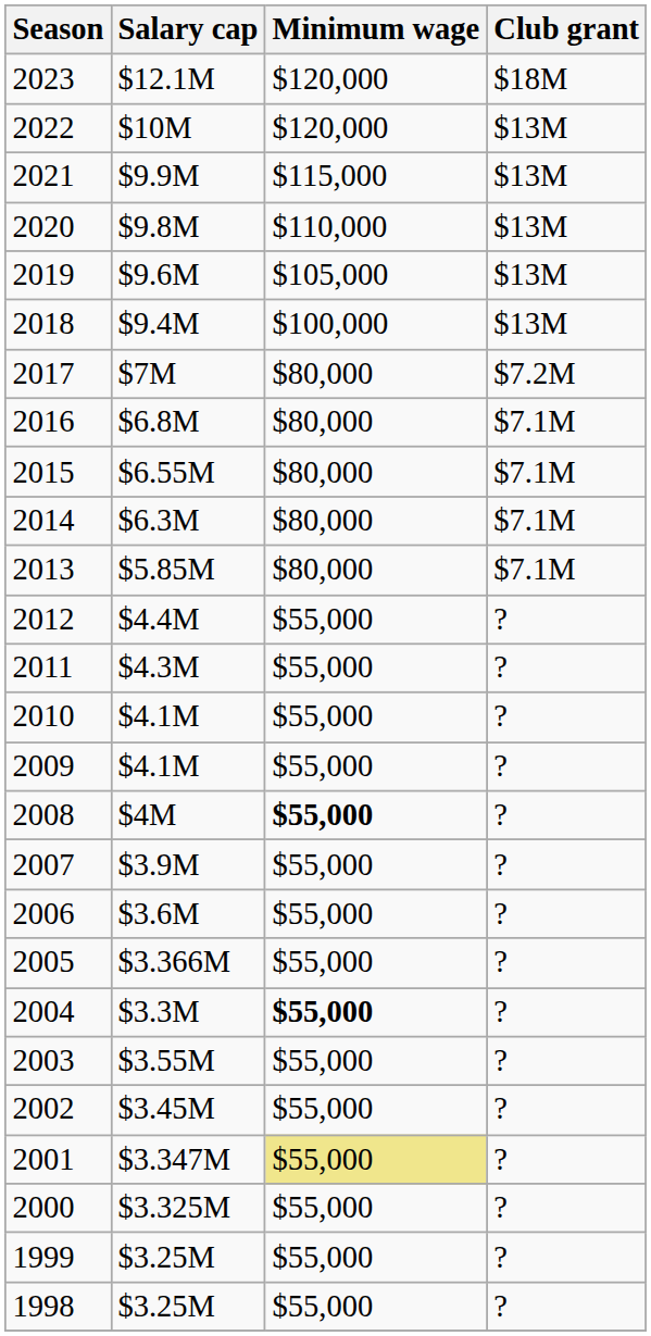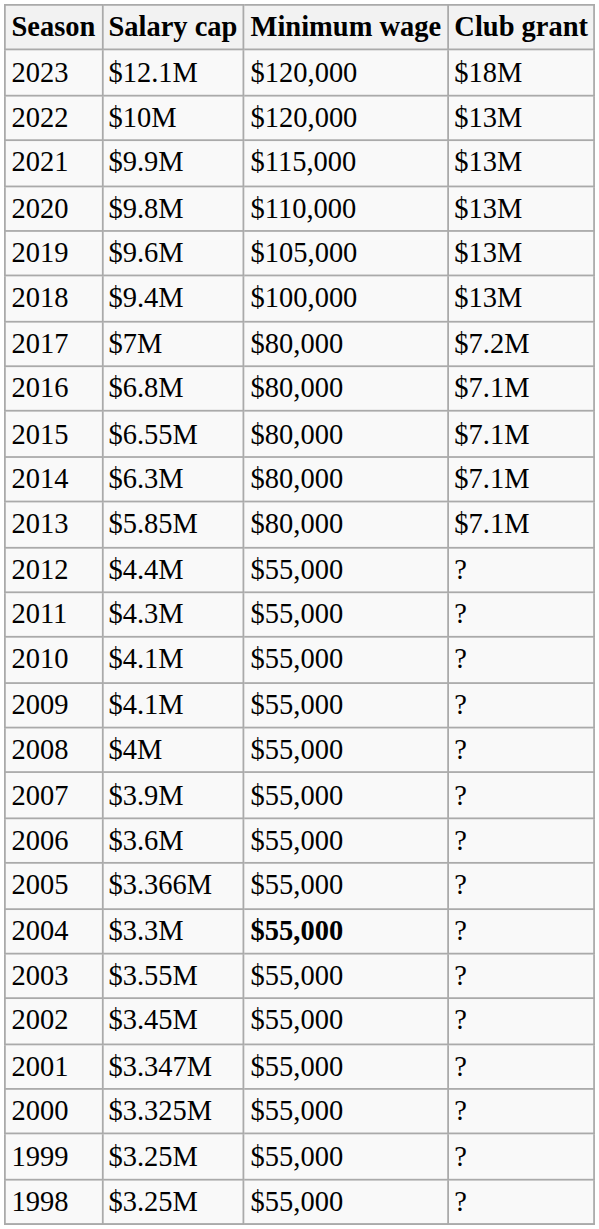 <table class="wikitable">
 <tr>
 <th>Season</th>
 <th>Salary cap</th>
 <th>Minimum wage</th>
 <th>Club grant</th>
 </tr>
 <tr>
 <td>2023</td>
 <td>$12.1M</td>
 <td>$120,000</td>
 <td>$18M</td>
 </tr>
 <tr>
 <td>2022</td>
 <td>$10M</td>
 <td>$120,000</td>
 <td>$13M</td>
 </tr>
 <tr>
 <td>2021</td>
 <td>$9.9M</td>
 <td>$115,000</td>
 <td>$13M</td>
 </tr>
 <tr>
 <td>2020</td>
 <td>$9.8M</td>
 <td>$110,000</td>
 <td>$13M</td>
 </tr>
 <tr>
 <td>2019</td>
 <td>$9.6M</td>
 <td>$105,000</td>
 <td>$13M</td>
 </tr>
 <tr>
 <td>2018</td>
 <td>$9.4M</td>
 <td>$100,000</td>
 <td>$13M</td>
 </tr>
 <tr>
 <td>2017</td>
 <td>$7M</td>
 <td>$80,000</td>
 <td>$7.2M</td>
 </tr>
 <tr>
 <td>2016</td>
 <td>$6.8M</td>
 <td>$80,000</td>
 <td>$7.1M</td>
 </tr>
 <tr>
 <td>2015</td>
 <td>$6.55M</td>
 <td>$80,000</td>
 <td>$7.1M</td>
 </tr>
 <tr>
 <td>2014</td>
 <td>$6.3M</td>
 <td>$80,000</td>
 <td>$7.1M</td>
 </tr>
 <tr>
 <td>2013</td>
 <td>$5.85M</td>
 <td>$80,000</td>
 <td>$7.1M</td>
 </tr>
 <tr>
 <td>2012</td>
 <td>$4.4M</td>
 <td>$55,000</td>
 <td>?</td>
 </tr>
 <tr>
 <td>2011</td>
 <td>$4.3M</td>
 <td>$55,000</td>
 <td>?</td>
 </tr>
 <tr>
 <td>2010</td>
 <td>$4.1M</td>
 <td>$55,000</td>
 <td>?</td>
 </tr>
 <tr>
 <td>2009</td>
 <td>$4.1M</td>
 <td>$55,000</td>
 <td>?</td>
 </tr>
 <tr>
 <td>2008</td>
 <td>$4M</td>
-<td><strong>$55,000</strong></td>
+<td>$55,000</td>
 <td>?</td>
 </tr>
 <tr>
 <td>2007</td>
 <td>$3.9M</td>
 <td>$55,000</td>
 <td>?</td>
 </tr>
 <tr>
 <td>2006</td>
 <td>$3.6M</td>
 <td>$55,000</td>
 <td>?</td>
 </tr>
 <tr>
 <td>2005</td>
 <td>$3.366M</td>
 <td>$55,000</td>
 <td>?</td>
 </tr>
 <tr>
 <td>2004</td>
 <td>$3.3M</td>
 <td><strong>$55,000</strong></td>
 <td>?</td>
 </tr>
 <tr>
 <td>2003</td>
 <td>$3.55M</td>
 <td>$55,000</td>
 <td>?</td>
 </tr>
 <tr>
 <td>2002</td>
 <td>$3.45M</td>
 <td>$55,000</td>
 <td>?</td>
 </tr>
 <tr>
 <td>2001</td>
 <td>$3.347M</td>
-<td style="background: khaki;">$55,000</td>
+<td>$55,000</td>
 <td>?</td>
 </tr>
 <tr>
 <td>2000</td>
 <td>$3.325M</td>
 <td>$55,000</td>
 <td>?</td>
 </tr>
 <tr>
 <td>1999</td>
 <td>$3.25M</td>
 <td>$55,000</td>
 <td>?</td>
 </tr>
 <tr>
 <td>1998</td>
 <td>$3.25M</td>
 <td>$55,000</td>
 <td>?</td>
 </tr>
 <tr>
 </tr>
 </table>
